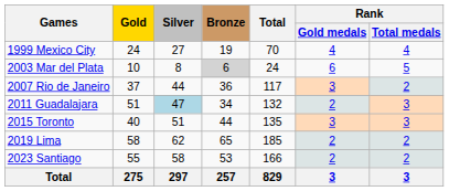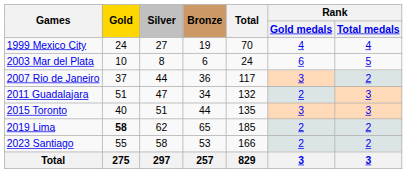 <table class="wikitable" style="text-align:center; font-size:90%;">
 <tr>
 <th rowspan="2">Games</th>
 <td rowspan="2" style="background:gold; width:3.2em; font-weight:bold;">Gold</td>
 <td rowspan="2" style="background:silver; width:3.7em; font-weight:bold;">Silver</td>
 <td rowspan="2" style="background:#c96; width:3.7em; font-weight:bold;">Bronze</td>
 <th rowspan="2" style="width:3.5em; font-weight:bold;">Total</th>
 <th colspan="2" style="width:4em; font-weight:bold;">Rank</th>
 </tr>
 <tr>
 <th><a href='#'>Gold medals</a></th>
 <th><a href='#'>Total medals</a></th>
 </tr>
 <tr>
 <td align="left"> <a href='#'>1999 Mexico City</a></td>
 <td>24</td>
 <td>27</td>
 <td>19</td>
 <td>70</td>
 <td><a href='#'>4</a></td>
 <td><a href='#'>4</a></td>
 </tr>
 <tr>
 <td align="left"> <a href='#'>2003 Mar del Plata</a></td>
 <td>10</td>
 <td>8</td>
-<td style="background: lightgrey;">6</td>
+<td>6</td>
 <td>24</td>
 <td><a href='#'>6</a></td>
 <td><a href='#'>5</a></td>
 </tr>
 <tr>
 <td align="left"> <a href='#'>2007 Rio de Janeiro</a></td>
 <td>37</td>
 <td>44</td>
 <td>36</td>
 <td>117</td>
 <td style="background:#ffdab9;"><a href='#'>3</a></td>
 <td style="background:#dce5e5;"><a href='#'>2</a></td>
 </tr>
 <tr>
 <td align="left"> <a href='#'>2011 Guadalajara</a></td>
 <td>51</td>
-<td style="background: lightblue;">47</td>
+<td>47</td>
 <td>34</td>
 <td>132</td>
 <td style="background:#dce5e5;"><a href='#'>2</a></td>
 <td style="background:#ffdab9;"><a href='#'>3</a></td>
 </tr>
 <tr>
 <td align="left"> <a href='#'>2015 Toronto</a></td>
 <td>40</td>
 <td>51</td>
 <td>44</td>
 <td>135</td>
 <td style="background:#ffdab9;"><a href='#'>3</a></td>
 <td style="background:#ffdab9;"><a href='#'>3</a></td>
 </tr>
 <tr>
 <td align="left"> <a href='#'>2019 Lima</a></td>
-<td>58</td>
+<td><strong>58</strong></td>
 <td>62</td>
 <td>65</td>
 <td>185</td>
 <td style="background:#dce5e5;"><a href='#'>2</a></td>
 <td style="background:#dce5e5;"><a href='#'>2</a></td>
 </tr>
 <tr>
 <td align="left"> <a href='#'>2023 Santiago</a></td>
 <td>55</td>
 <td>58</td>
 <td>53</td>
 <td>166</td>
 <td style="background:#dce5e5;"><a href='#'>2</a></td>
 <td style="background:#dce5e5;"><a href='#'>2</a></td>
 </tr>
 <tr>
 <th>Total</th>
 <th>275</th>
 <th>297</th>
 <th>257</th>
 <th>829</th>
 <th><a href='#'>3</a></th>
 <th><a href='#'>3</a></th>
 </tr>
 </table>
